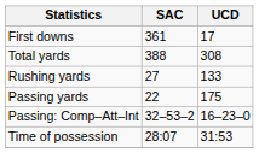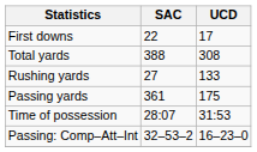 <table class="wikitable" style="float: left;">
 <tr>
 <th>Statistics</th>
 <th>SAC</th>
 <th>UCD</th>
 </tr>
 <tr>
 <td>First downs</td>
-<td>361</td>
+<td>22</td>
 <td>17</td>
 </tr>
 <tr>
 <td>Total yards</td>
 <td>388</td>
 <td>308</td>
 </tr>
 <tr>
 <td>Rushing yards</td>
 <td>27</td>
 <td>133</td>
 </tr>
 <tr>
 <td>Passing yards</td>
-<td>22</td>
+<td>361</td>
 <td>175</td>
+</tr>
+<tr>
+<td>Time of possession</td>
+<td>28:07</td>
+<td>31:53</td>
 </tr>
 <tr>
 <td>Passing: Comp–Att–Int</td>
 <td>32–53–2</td>
 <td>16–23–0</td>
 </tr>
 <tr>
-<td>Time of possession</td>
-<td>28:07</td>
-<td>31:53</td>
-</tr>
-<tr>
 </tr>
 </table>
